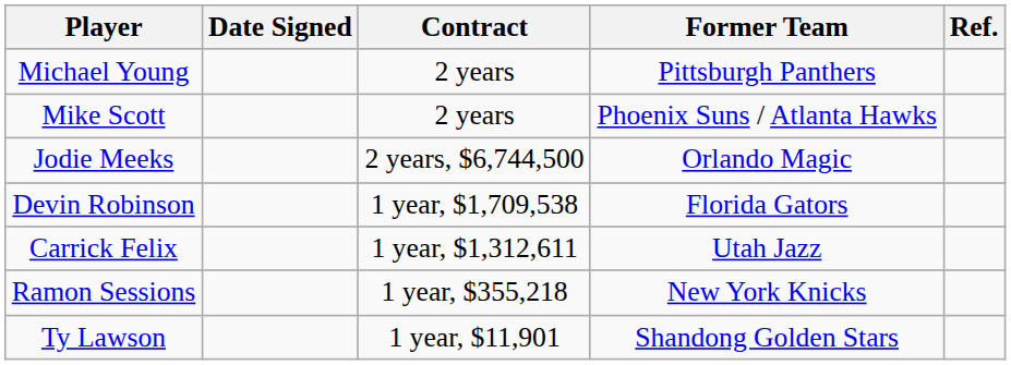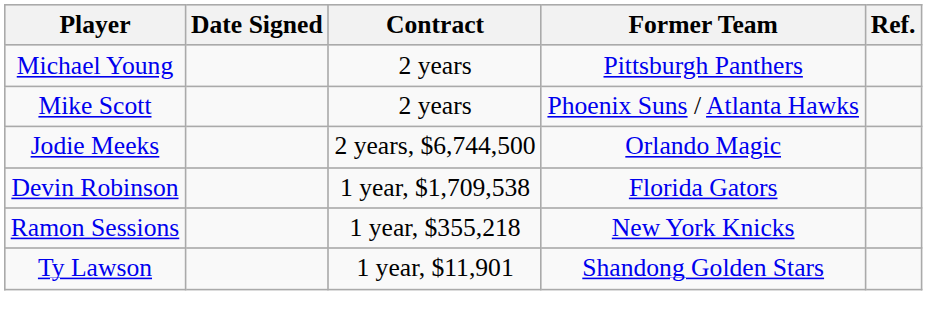 <table class="wikitable sortable sortable">
 <tr>
 <th>Player</th>
 <th>Date Signed</th>
 <th>Contract</th>
 <th>Former Team</th>
 <th>Ref.</th>
 </tr>
 <tr style="text-align: center">
 <td><a href='#'>Michael Young</a></td>
 <td></td>
 <td>2 years </td>
 <td><a href='#'>Pittsburgh Panthers</a></td>
 <td></td>
 </tr>
 <tr style="text-align: center">
 <td><a href='#'>Mike Scott</a></td>
 <td></td>
 <td>2 years </td>
 <td><a href='#'>Phoenix Suns</a> / <a href='#'>Atlanta Hawks</a></td>
 <td></td>
 </tr>
 <tr style="text-align: center">
 <td><a href='#'>Jodie Meeks</a></td>
 <td></td>
 <td>2 years, $6,744,500</td>
 <td><a href='#'>Orlando Magic</a></td>
 <td></td>
 </tr>
 <tr style="text-align: center">
 <td><a href='#'>Devin Robinson</a></td>
 <td></td>
 <td>1 year, $1,709,538</td>
 <td><a href='#'>Florida Gators</a></td>
 <td></td>
 </tr>
 <tr style="text-align: center">
-<td><a href='#'>Carrick Felix</a></td>
-<td></td>
-<td>1 year, $1,312,611</td>
-<td><a href='#'>Utah Jazz</a></td>
-<td></td>
-</tr>
-<tr style="text-align: center">
 <td><a href='#'>Ramon Sessions</a></td>
 <td> </td>
 <td>1 year, $355,218</td>
 <td><a href='#'>New York Knicks</a></td>
 <td></td>
 </tr>
 <tr style="text-align: center">
 <td><a href='#'>Ty Lawson</a></td>
 <td></td>
 <td>1 year, $11,901</td>
 <td> <a href='#'>Shandong Golden Stars</a></td>
 <td></td>
 </tr>
 </table>
